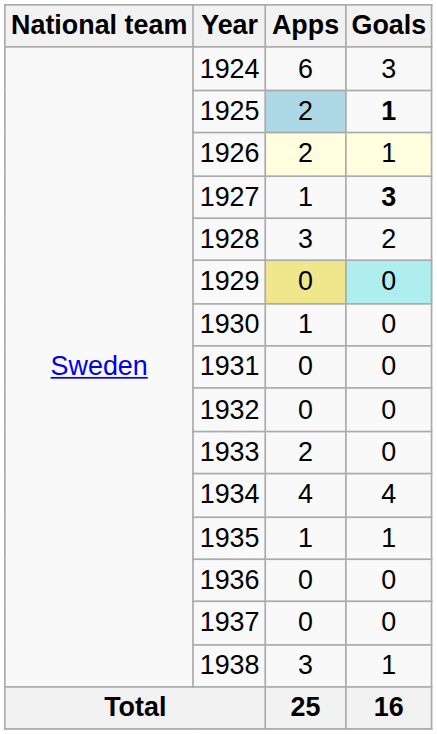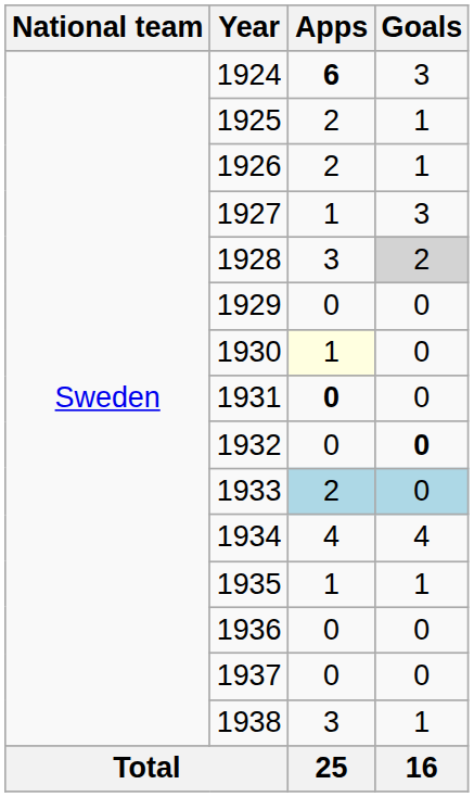 <table class="wikitable" style="text-align:center">
 <tr>
 <th>National team</th>
 <th>Year</th>
 <th>Apps</th>
 <th>Goals</th>
 </tr>
 <tr>
 <td rowspan="15"><a href='#'>Sweden</a></td>
 <td>1924</td>
-<td>6</td>
+<td><strong>6</strong></td>
 <td>3</td>
 </tr>
 <tr>
 <td>1925</td>
-<td style="background: lightblue;">2</td>
-<td><strong>1</strong></td>
+<td>2</td>
+<td>1</td>
 </tr>
 <tr>
 <td>1926</td>
-<td style="background: lightyellow;">2</td>
-<td style="background: lightyellow;">1</td>
+<td>2</td>
+<td>1</td>
 </tr>
 <tr>
 <td>1927</td>
 <td>1</td>
-<td><strong>3</strong></td>
+<td>3</td>
 </tr>
 <tr>
 <td>1928</td>
 <td>3</td>
-<td>2</td>
+<td style="background: lightgrey;">2</td>
 </tr>
 <tr>
 <td>1929</td>
-<td style="background: khaki;">0</td>
-<td style="background: paleturquoise;">0</td>
+<td>0</td>
+<td>0</td>
 </tr>
 <tr>
 <td>1930</td>
-<td>1</td>
+<td style="background: lightyellow;">1</td>
 <td>0</td>
 </tr>
 <tr>
 <td>1931</td>
-<td>0</td>
+<td><strong>0</strong></td>
 <td>0</td>
 </tr>
 <tr>
 <td>1932</td>
 <td>0</td>
-<td>0</td>
+<td><strong>0</strong></td>
 </tr>
 <tr>
 <td>1933</td>
-<td>2</td>
-<td>0</td>
+<td style="background: lightblue;">2</td>
+<td style="background: lightblue;">0</td>
 </tr>
 <tr>
 <td>1934</td>
 <td>4</td>
 <td>4</td>
 </tr>
 <tr>
 <td>1935</td>
 <td>1</td>
 <td>1</td>
 </tr>
 <tr>
 <td>1936</td>
 <td>0</td>
 <td>0</td>
 </tr>
 <tr>
 <td>1937</td>
 <td>0</td>
 <td>0</td>
 </tr>
 <tr>
 <td>1938</td>
 <td>3</td>
 <td>1</td>
 </tr>
 <tr>
 <th colspan="2">Total</th>
 <th>25</th>
 <th>16</th>
 </tr>
 </table>
